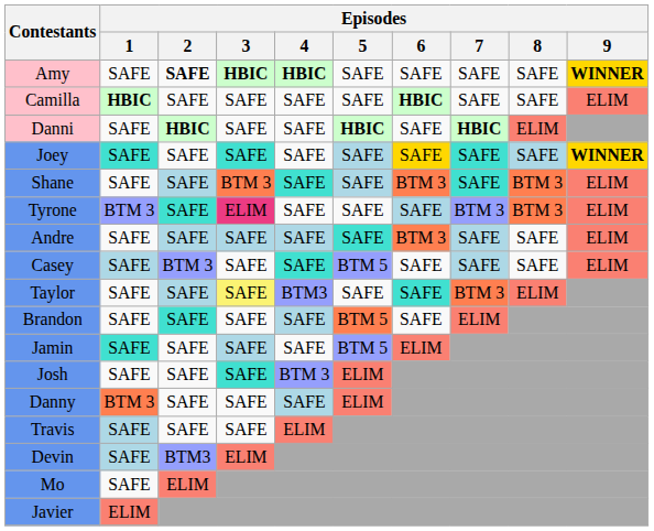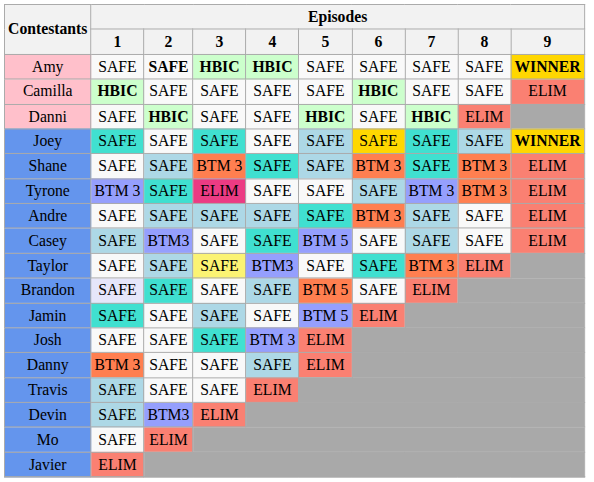 <table class="wikitable" style="text-align:center">
 <tr>
 <th rowspan=2>Contestants</th>
 <th colspan=10>Episodes</th>
 </tr>
 <tr>
 <th>1</th>
 <th>2</th>
 <th>3</th>
 <th>4</th>
 <th>5</th>
 <th>6</th>
 <th>7</th>
 <th>8</th>
 <th>9</th>
 </tr>
 <tr>
 <td bgcolor="pink">Amy</td>
 <td>SAFE</td>
 <td><strong>SAFE</strong></td>
 <td style="background:#cfc;"><strong>HBIC</strong></td>
 <td style="background:#cfc;"><strong>HBIC</strong></td>
 <td>SAFE</td>
 <td>SAFE</td>
 <td>SAFE</td>
 <td>SAFE</td>
 <td bgcolor="gold"><strong>WINNER</strong></td>
 </tr>
 <tr>
 <td bgcolor="pink">Camilla</td>
 <td style="background:#cfc;"><strong>HBIC</strong></td>
 <td>SAFE</td>
 <td>SAFE</td>
 <td>SAFE</td>
 <td>SAFE</td>
 <td style="background:#cfc;"><strong>HBIC</strong></td>
 <td>SAFE</td>
 <td>SAFE</td>
 <td bgcolor="salmon">ELIM</td>
 </tr>
 <tr>
 <td bgcolor="pink">Danni</td>
 <td>SAFE</td>
 <td style="background:#cfc;"><strong>HBIC</strong></td>
 <td>SAFE</td>
 <td>SAFE</td>
 <td style="background:#cfc;"><strong>HBIC</strong></td>
 <td>SAFE</td>
 <td style="background:#cfc;"><strong>HBIC</strong></td>
 <td bgcolor="salmon">ELIM</td>
 <td colspan="1" bgcolor=darkgray></td>
 </tr>
 <tr>
 <td bgcolor="cornflowerblue">Joey</td>
 <td bgcolor="turquoise">SAFE</td>
 <td>SAFE</td>
 <td bgcolor="turquoise">SAFE</td>
 <td>SAFE</td>
 <td bgcolor="lightblue">SAFE</td>
 <td bgcolor="gold">SAFE</td>
 <td bgcolor="turquoise">SAFE</td>
 <td bgcolor="lightblue">SAFE</td>
 <td bgcolor="gold"><strong>WINNER</strong></td>
 </tr>
 <tr>
 <td bgcolor="cornflowerblue">Shane</td>
 <td>SAFE</td>
 <td bgcolor="lightblue">SAFE</td>
 <td bgcolor="coral">BTM 3</td>
 <td bgcolor="turquoise">SAFE</td>
 <td bgcolor="lightblue">SAFE</td>
 <td bgcolor="coral">BTM 3</td>
 <td bgcolor="turquoise">SAFE</td>
 <td bgcolor="coral">BTM 3</td>
 <td bgcolor="salmon">ELIM</td>
 </tr>
 <tr>
 <td bgcolor="cornflowerblue">Tyrone</td>
 <td bgcolor=#959FFD>BTM 3</td>
 <td bgcolor="turquoise">SAFE</td>
 <td bgcolor=#EC3B83>ELIM</td>
 <td>SAFE</td>
 <td>SAFE</td>
 <td bgcolor="lightblue">SAFE</td>
 <td bgcolor=#959FFD>BTM 3</td>
 <td bgcolor="coral">BTM 3</td>
 <td bgcolor="salmon">ELIM</td>
 </tr>
 <tr>
 <td bgcolor="cornflowerblue">Andre</td>
 <td>SAFE</td>
 <td bgcolor="lightblue">SAFE</td>
 <td bgcolor="lightblue">SAFE</td>
 <td bgcolor="lightblue">SAFE</td>
 <td bgcolor="turquoise">SAFE</td>
 <td bgcolor="coral">BTM 3</td>
 <td bgcolor="lightblue">SAFE</td>
 <td>SAFE</td>
 <td bgcolor="salmon">ELIM</td>
 </tr>
 <tr>
 <td bgcolor="cornflowerblue">Casey</td>
 <td bgcolor="lightblue">SAFE</td>
-<td bgcolor=#959FFD>BTM 3</td>
+<td bgcolor=#959FFD>BTM3</td>
 <td>SAFE</td>
 <td bgcolor="turquoise">SAFE</td>
 <td bgcolor=#959FFD>BTM 5</td>
 <td>SAFE</td>
 <td bgcolor="lightblue">SAFE</td>
 <td>SAFE</td>
 <td bgcolor="salmon">ELIM</td>
 </tr>
 <tr>
 <td bgcolor="cornflowerblue">Taylor</td>
 <td>SAFE</td>
 <td bgcolor="lightblue">SAFE</td>
 <td bgcolor=#FBF373>SAFE</td>
 <td bgcolor=#959FFD>BTM3</td>
 <td>SAFE</td>
 <td bgcolor="turquoise">SAFE</td>
 <td bgcolor="coral">BTM 3</td>
 <td bgcolor="salmon">ELIM</td>
 <td colspan="1" bgcolor=darkgray></td>
 </tr>
 <tr>
 <td bgcolor="cornflowerblue">Brandon</td>
-<td>SAFE</td>
+<td style="background: lavender;">SAFE</td>
 <td bgcolor="turquoise">SAFE</td>
 <td>SAFE</td>
 <td bgcolor="lightblue">SAFE</td>
 <td bgcolor="coral">BTM 5</td>
 <td>SAFE</td>
 <td bgcolor="salmon">ELIM</td>
 <td colspan="2" bgcolor=darkgray></td>
 </tr>
 <tr>
 <td bgcolor="cornflowerblue">Jamin</td>
 <td bgcolor="turquoise">SAFE</td>
 <td>SAFE</td>
 <td bgcolor="lightblue">SAFE</td>
 <td>SAFE</td>
 <td bgcolor=#959FFD>BTM 5</td>
 <td bgcolor="salmon">ELIM</td>
 <td colspan="3" bgcolor=darkgray></td>
 </tr>
 <tr>
 <td bgcolor="cornflowerblue">Josh</td>
 <td>SAFE</td>
 <td>SAFE</td>
 <td bgcolor="turquoise">SAFE</td>
 <td bgcolor=#959FFD>BTM 3</td>
 <td bgcolor="salmon">ELIM</td>
 <td colspan="4" bgcolor=darkgray></td>
 </tr>
 <tr>
 <td bgcolor="cornflowerblue">Danny</td>
 <td bgcolor="coral">BTM 3</td>
 <td>SAFE</td>
 <td>SAFE</td>
 <td bgcolor="lightblue">SAFE</td>
 <td bgcolor="salmon">ELIM</td>
 <td colspan="4" bgcolor=darkgray></td>
 </tr>
 <tr>
 <td bgcolor="cornflowerblue">Travis</td>
 <td bgcolor="lightblue">SAFE</td>
 <td>SAFE</td>
 <td>SAFE</td>
 <td bgcolor="salmon">ELIM</td>
 <td colspan="5" bgcolor=darkgray></td>
 </tr>
 <tr>
 <td bgcolor="cornflowerblue">Devin</td>
 <td bgcolor="lightblue">SAFE</td>
 <td bgcolor=#959FFD>BTM3</td>
 <td bgcolor="salmon">ELIM</td>
 <td colspan="6" bgcolor=darkgray></td>
 </tr>
 <tr>
 <td bgcolor="cornflowerblue">Mo</td>
 <td>SAFE</td>
 <td bgcolor="salmon">ELIM</td>
 <td colspan="7" bgcolor=darkgray></td>
 </tr>
 <tr>
 <td bgcolor="cornflowerblue">Javier</td>
 <td bgcolor="salmon">ELIM</td>
 <td colspan="8" bgcolor=darkgray></td>
 </tr>
 <tr>
 </tr>
 </table>
